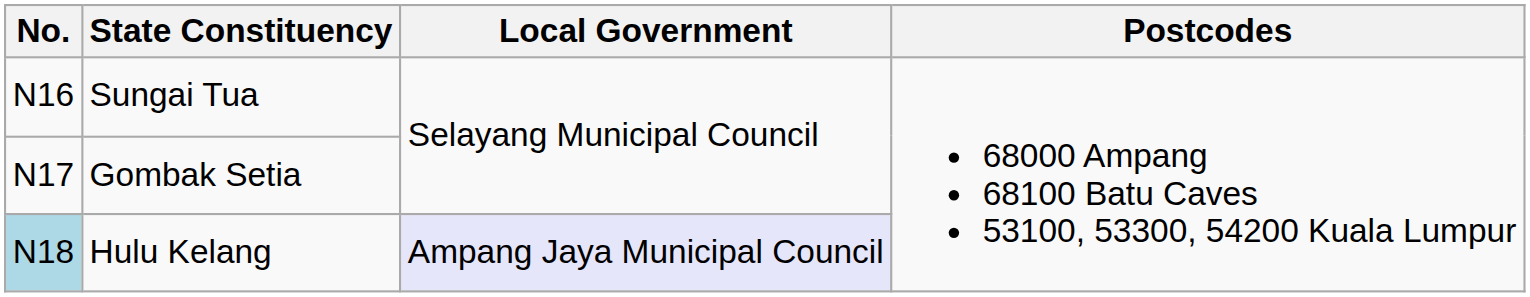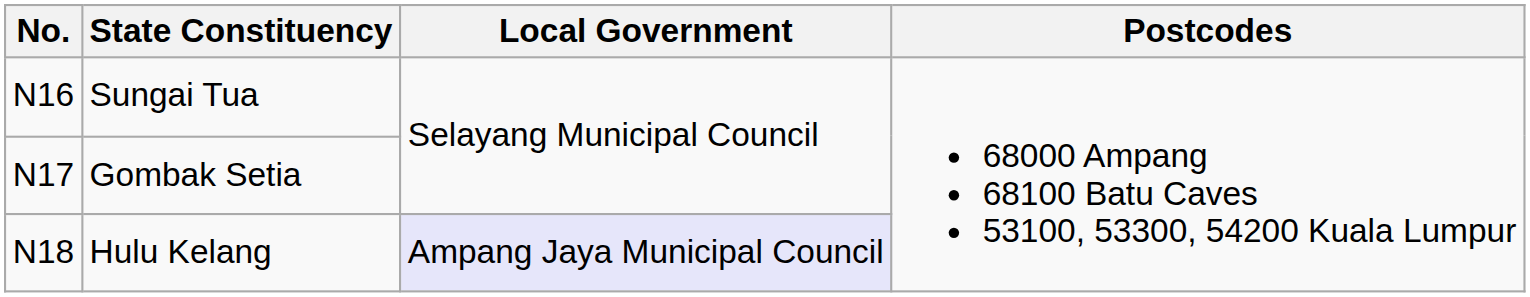 <table class="wikitable">
 <tr>
 <th>No.</th>
 <th>State Constituency</th>
 <th>Local Government</th>
 <th>Postcodes</th>
 </tr>
 <tr>
 <td>N16</td>
 <td>Sungai Tua</td>
 <td rowspan="2">Selayang Municipal Council</td>
 <td rowspan="3"><br><ul><li>68000 Ampang</li><li>68100 Batu Caves</li><li>53100, 53300, 54200 Kuala Lumpur</li></ul></td>
 </tr>
 <tr>
 <td>N17</td>
 <td>Gombak Setia</td>
 </tr>
 <tr>
-<td style="background: lightblue;">N18</td>
+<td>N18</td>
 <td>Hulu Kelang</td>
 <td style="background: lavender;">Ampang Jaya Municipal Council</td>
 </tr>
 </table>
